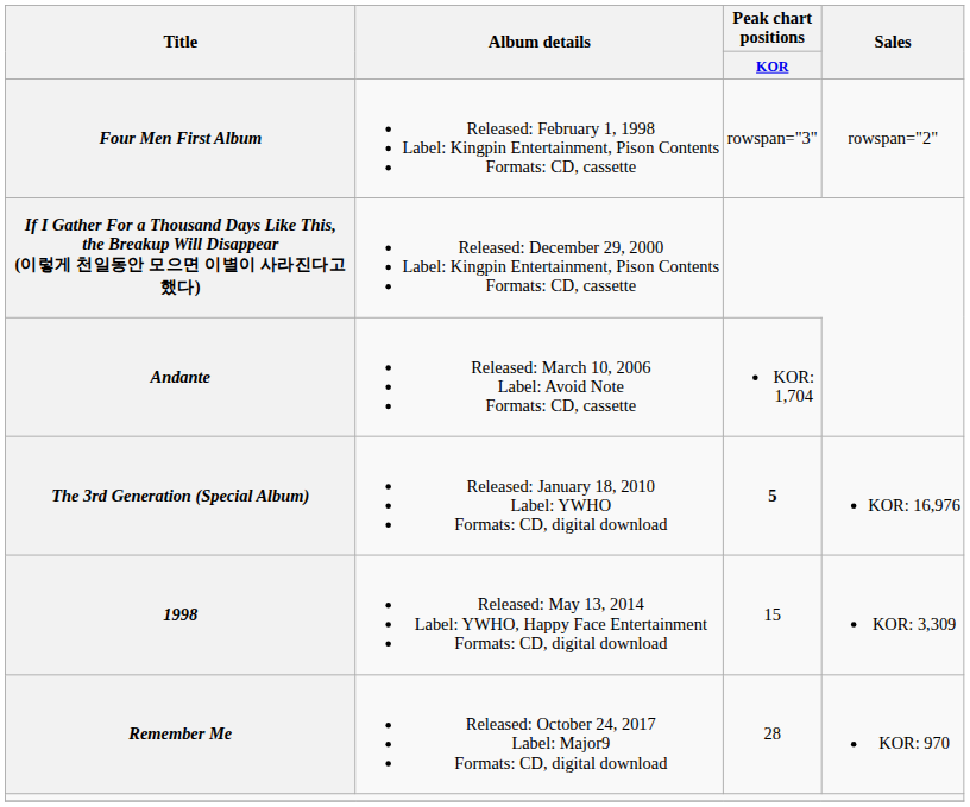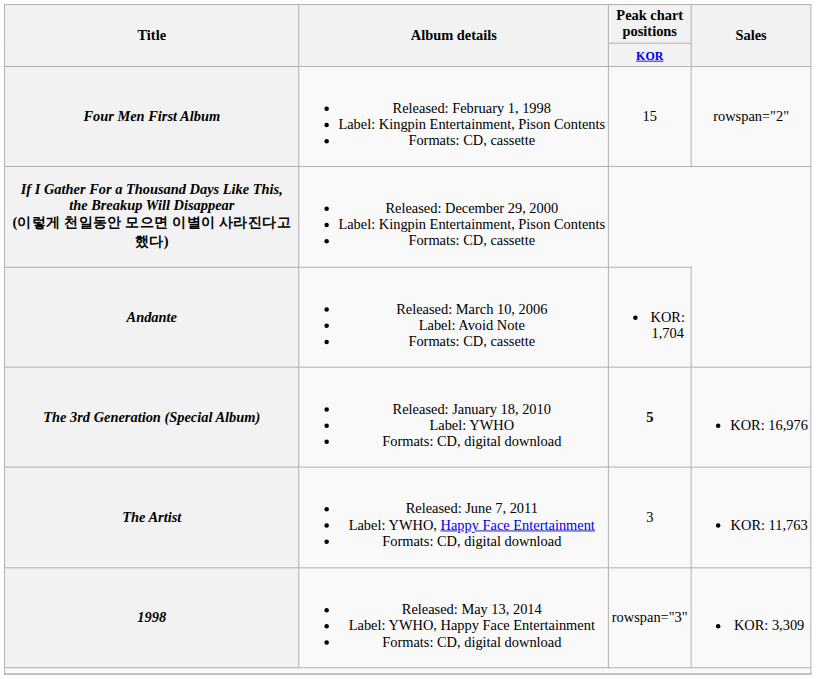 <table class="wikitable plainrowheaders" style="text-align:center;">
 <tr>
 <th scope="col" rowspan="2" style="width:20em;">Title</th>
 <th scope="col" rowspan="2">Album details</th>
 <th>Peak chart positions</th>
 <th scope="col" rowspan="2">Sales</th>
 </tr>
 <tr>
 <th style="width:3em;"><small><a href='#'>KOR</a></small><br></th>
 </tr>
 <tr>
 <th scope="row"><em>Four Men First Album</em></th>
 <td><br><ul><li>Released: February 1, 1998</li><li>Label: Kingpin Entertainment, Pison Contents</li><li>Formats: CD, cassette</li></ul></td>
-<td>rowspan="3" </td>
+<td>15</td>
 <td>rowspan="2" </td>
 </tr>
 <tr>
 <th scope="row"><em>If I Gather For a Thousand Days Like This,<br>the Breakup Will Disappear</em><br>(이렇게 천일동안 모으면 이별이 사라진다고 했다)</th>
 <td><br><ul><li>Released: December 29, 2000</li><li>Label: Kingpin Entertainment, Pison Contents</li><li>Formats: CD, cassette</li></ul></td>
 </tr>
 <tr>
 <th scope="row"><em>Andante</em></th>
 <td><br><ul><li>Released: March 10, 2006</li><li>Label: Avoid Note</li><li>Formats: CD, cassette</li></ul></td>
 <td><br><ul><li>KOR: 1,704</li></ul></td>
 </tr>
 <tr>
 <th scope="row"><em>The 3rd Generation (Special Album)</em></th>
 <td><br><ul><li>Released: January 18, 2010</li><li>Label: YWHO</li><li>Formats: CD, digital download</li></ul></td>
 <td><strong>5</strong></td>
 <td><br><ul><li>KOR: 16,976</li></ul></td>
 </tr>
 <tr>
+<th scope="row"><em>The Artist</em></th>
+<td><br><ul><li>Released: June 7, 2011</li><li>Label: YWHO, <a href='#'>Happy Face Entertainment</a></li><li>Formats: CD, digital download</li></ul></td>
+<td>3</td>
+<td><br><ul><li>KOR: 11,763</li></ul></td>
+</tr>
+<tr>
 <th scope="row"><em>1998</em></th>
 <td><br><ul><li>Released: May 13, 2014</li><li>Label: YWHO, Happy Face Entertainment</li><li>Formats: CD, digital download</li></ul></td>
-<td>15</td>
+<td>rowspan="3" </td>
 <td><br><ul><li>KOR: 3,309</li></ul></td>
-</tr>
-<tr>
-<th scope="row"><em>Remember Me</em></th>
-<td><br><ul><li>Released: October 24, 2017</li><li>Label: Major9</li><li>Formats: CD, digital download</li></ul></td>
-<td>28</td>
-<td><br><ul><li>KOR: 970</li></ul></td>
 </tr>
 <tr>
 <td colspan="4"></td>
 </tr>
 <tr>
 </tr>
 </table>
